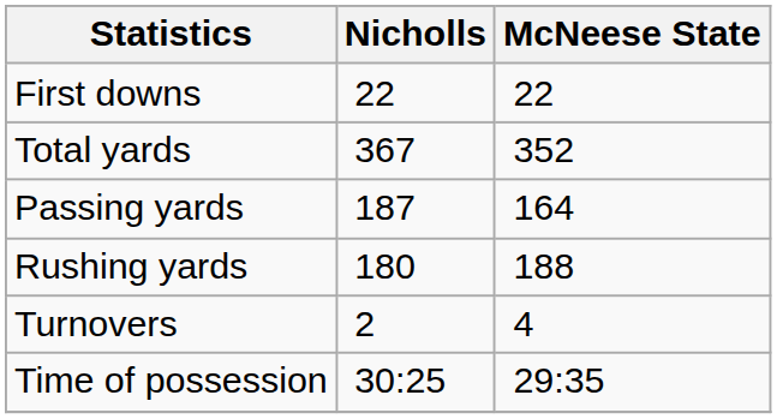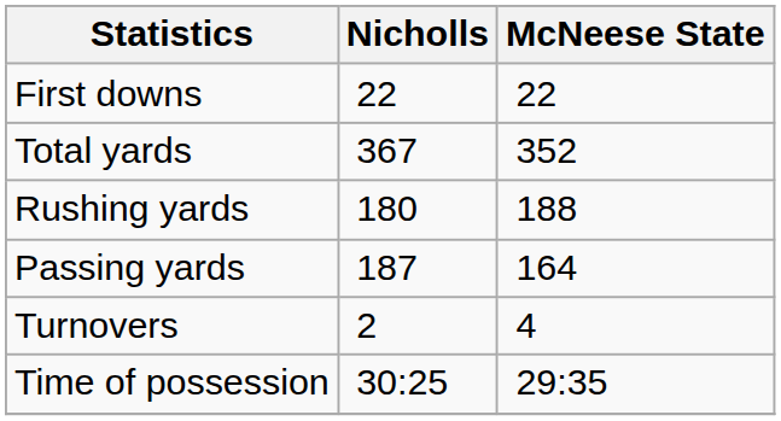 <table class="wikitable">
 <tr>
 <th>Statistics</th>
 <th>Nicholls</th>
 <th>McNeese State</th>
 </tr>
 <tr>
 <td>First downs</td>
 <td> 22</td>
 <td> 22</td>
 </tr>
 <tr>
 <td>Total yards</td>
 <td> 367</td>
 <td> 352</td>
 </tr>
 <tr>
+<td>Rushing yards</td>
+<td> 180</td>
+<td> 188</td>
+</tr>
+<tr>
 <td>Passing yards</td>
 <td> 187</td>
 <td> 164</td>
-</tr>
-<tr>
-<td>Rushing yards</td>
-<td> 180</td>
-<td> 188</td>
 </tr>
 <tr>
 <td>Turnovers</td>
 <td> 2</td>
 <td> 4</td>
 </tr>
 <tr>
 <td>Time of possession</td>
 <td> 30:25</td>
 <td> 29:35</td>
 </tr>
 <tr>
 </tr>
 </table>
